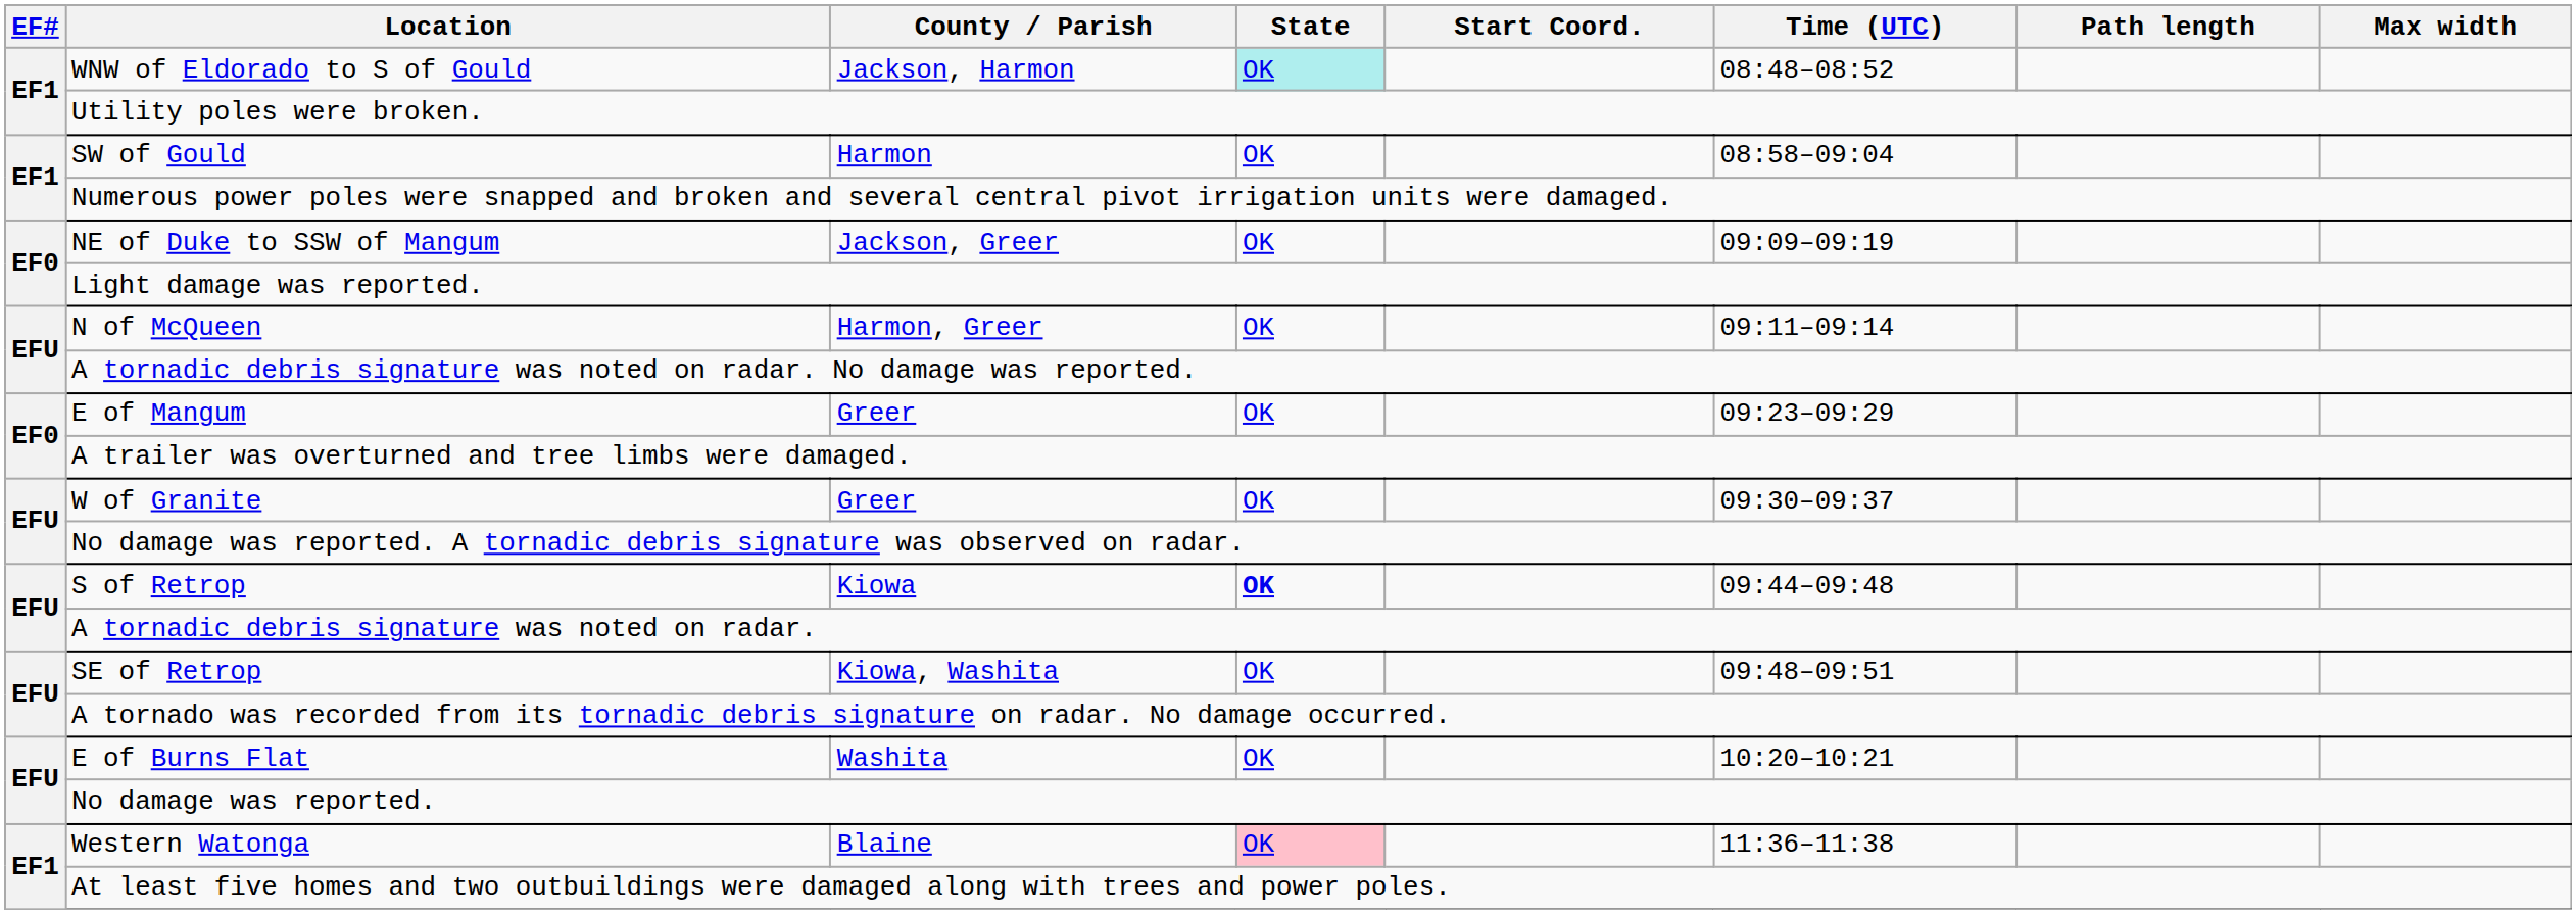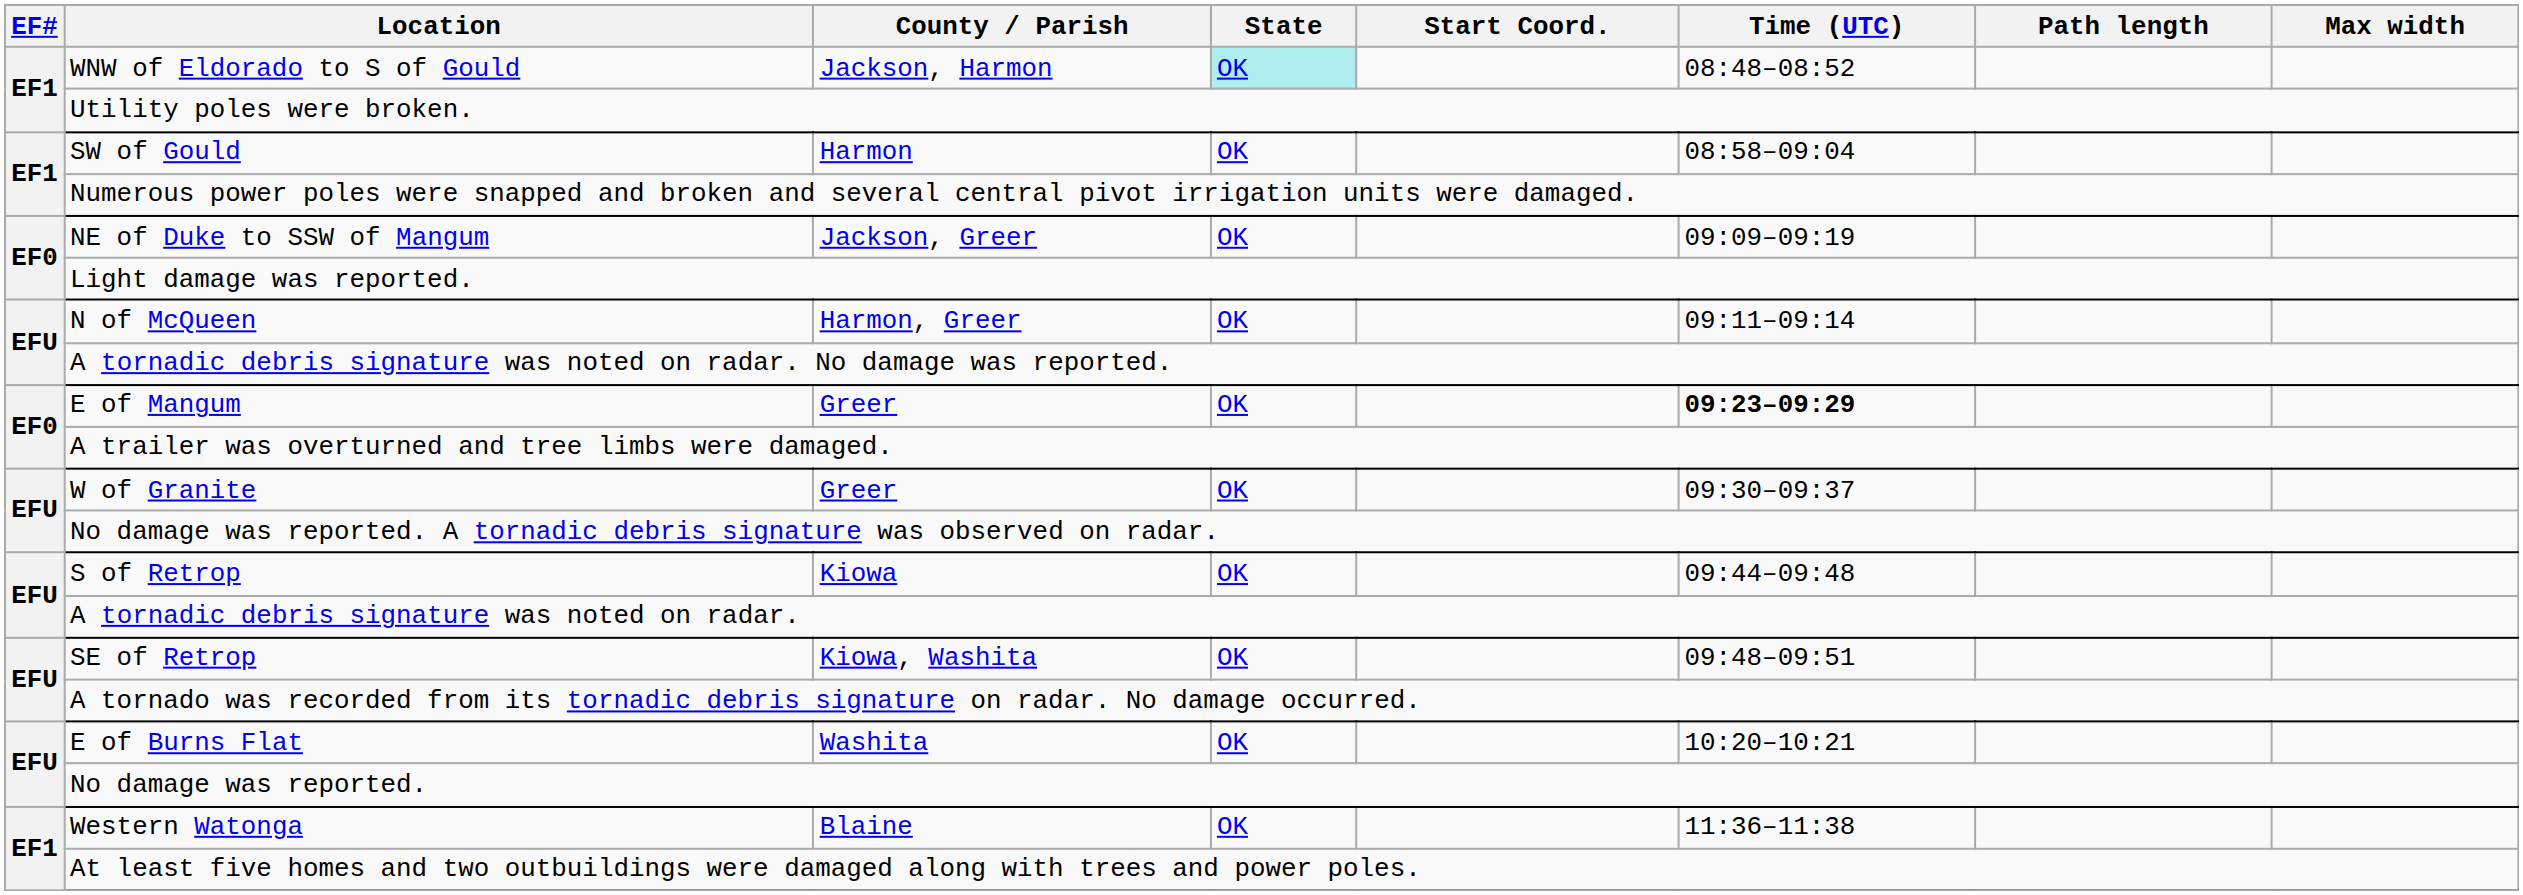 <table class="wikitable sortable" style="width:100%;">
 <tr>
 <th scope="col" width="2%" align="center"><a href='#'>EF#</a></th>
 <th scope="col" align="center" class="unsortable">Location</th>
 <th scope="col" align="center" class="unsortable">County / Parish</th>
 <th scope="col" align="center">State</th>
 <th scope="col" align="center">Start Coord.</th>
 <th scope="col" align="center">Time (<a href='#'>UTC</a>)</th>
 <th scope="col" align="center">Path length</th>
 <th scope="col" align="center">Max width</th>
 </tr>
 <tr>
 <th scope="row" rowspan="2" style="background-color:#">EF1</th>
 <td>WNW of <a href='#'>Eldorado</a> to S of <a href='#'>Gould</a></td>
 <td><a href='#'>Jackson</a>, <a href='#'>Harmon</a></td>
 <td style="background: paleturquoise;"><a href='#'>OK</a></td>
 <td></td>
 <td>08:48–08:52</td>
 <td></td>
 <td></td>
 </tr>
 <tr class="expand-child">
 <td colspan="8" style=" border-bottom: 1px solid black;">Utility poles were broken.</td>
 </tr>
 <tr>
 <th scope="row" rowspan="2" style="background-color:#">EF1</th>
 <td>SW of <a href='#'>Gould</a></td>
 <td><a href='#'>Harmon</a></td>
 <td><a href='#'>OK</a></td>
 <td></td>
 <td>08:58–09:04</td>
 <td></td>
 <td></td>
 </tr>
 <tr class="expand-child">
 <td colspan="8" style=" border-bottom: 1px solid black;">Numerous power poles were snapped and broken and several central pivot irrigation units were damaged.</td>
 </tr>
 <tr>
 <th scope="row" rowspan="2" style="background-color:#">EF0</th>
 <td>NE of <a href='#'>Duke</a> to SSW of <a href='#'>Mangum</a></td>
 <td><a href='#'>Jackson</a>, <a href='#'>Greer</a></td>
 <td><a href='#'>OK</a></td>
 <td></td>
 <td>09:09–09:19</td>
 <td></td>
 <td></td>
 </tr>
 <tr class="expand-child">
 <td colspan="8" style=" border-bottom: 1px solid black;">Light damage was reported.</td>
 </tr>
 <tr>
 <th scope="row" rowspan="2" style="background-color:#">EFU</th>
 <td>N of <a href='#'>McQueen</a></td>
 <td><a href='#'>Harmon</a>, <a href='#'>Greer</a></td>
 <td><a href='#'>OK</a></td>
 <td></td>
 <td>09:11–09:14</td>
 <td></td>
 <td></td>
 </tr>
 <tr class="expand-child">
 <td colspan="8" style=" border-bottom: 1px solid black;">A <a href='#'>tornadic debris signature</a> was noted on radar. No damage was reported.</td>
 </tr>
 <tr>
 <th scope="row" rowspan="2" style="background-color:#">EF0</th>
 <td>E of <a href='#'>Mangum</a></td>
 <td><a href='#'>Greer</a></td>
 <td><a href='#'>OK</a></td>
 <td></td>
-<td>09:23–09:29</td>
+<td><strong>09:23–09:29</strong></td>
 <td></td>
 <td></td>
 </tr>
 <tr class="expand-child">
 <td colspan="8" style=" border-bottom: 1px solid black;">A trailer was overturned and tree limbs were damaged.</td>
 </tr>
 <tr>
 <th scope="row" rowspan="2" style="background-color:#">EFU</th>
 <td>W of <a href='#'>Granite</a></td>
 <td><a href='#'>Greer</a></td>
 <td><a href='#'>OK</a></td>
 <td></td>
 <td>09:30–09:37</td>
 <td></td>
 <td></td>
 </tr>
 <tr class="expand-child">
 <td colspan="8" style=" border-bottom: 1px solid black;">No damage was reported. A <a href='#'>tornadic debris signature</a> was observed on radar.</td>
 </tr>
 <tr>
 <th scope="row" rowspan="2" style="background-color:#">EFU</th>
 <td>S of <a href='#'>Retrop</a></td>
 <td><a href='#'>Kiowa</a></td>
-<td><strong><a href='#'>OK</a></strong></td>
+<td><a href='#'>OK</a></td>
 <td></td>
 <td>09:44–09:48</td>
 <td></td>
 <td></td>
 </tr>
 <tr class="expand-child">
 <td colspan="8" style=" border-bottom: 1px solid black;">A <a href='#'>tornadic debris signature</a> was noted on radar.</td>
 </tr>
 <tr>
 <th scope="row" rowspan="2" style="background-color:#">EFU</th>
 <td>SE of <a href='#'>Retrop</a></td>
 <td><a href='#'>Kiowa</a>, <a href='#'>Washita</a></td>
 <td><a href='#'>OK</a></td>
 <td></td>
 <td>09:48–09:51</td>
 <td></td>
 <td></td>
 </tr>
 <tr class="expand-child">
 <td colspan="8" style=" border-bottom: 1px solid black;">A tornado was recorded from its <a href='#'>tornadic debris signature</a> on radar. No damage occurred.</td>
 </tr>
 <tr>
 <th scope="row" rowspan="2" style="background-color:#">EFU</th>
 <td>E of <a href='#'>Burns Flat</a></td>
 <td><a href='#'>Washita</a></td>
 <td><a href='#'>OK</a></td>
 <td></td>
 <td>10:20–10:21</td>
 <td></td>
 <td></td>
 </tr>
 <tr class="expand-child">
 <td colspan="8" style=" border-bottom: 1px solid black;">No damage was reported.</td>
 </tr>
 <tr>
 <th scope="row" rowspan="2" style="background-color:#">EF1</th>
 <td>Western <a href='#'>Watonga</a></td>
 <td><a href='#'>Blaine</a></td>
-<td style="background: pink;"><a href='#'>OK</a></td>
+<td><a href='#'>OK</a></td>
 <td></td>
 <td>11:36–11:38</td>
 <td></td>
 <td></td>
 </tr>
 <tr class="expand-child">
 <td colspan="8" style=" border-bottom: 1px solid black;">At least five homes and two outbuildings were damaged along with trees and power poles.</td>
 </tr>
 <tr>
 </tr>
 </table>
